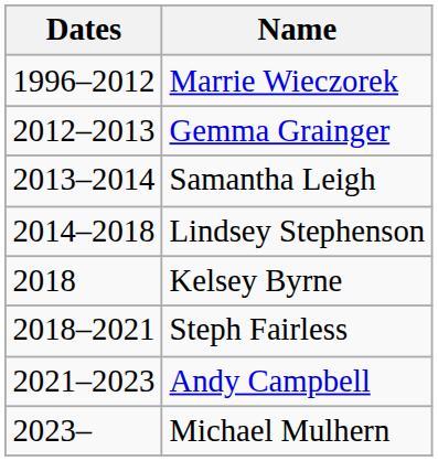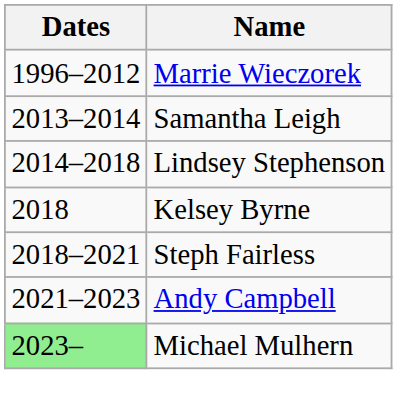 <table class="wikitable">
 <tr>
 <th>Dates</th>
 <th>Name</th>
 </tr>
 <tr>
 <td>1996–2012</td>
 <td> <a href='#'>Marrie Wieczorek</a></td>
-</tr>
-<tr>
-<td>2012–2013</td>
-<td> <a href='#'>Gemma Grainger</a></td>
 </tr>
 <tr>
 <td>2013–2014</td>
 <td> Samantha Leigh</td>
 </tr>
 <tr>
 <td>2014–2018</td>
 <td> Lindsey Stephenson</td>
 </tr>
 <tr>
 <td>2018</td>
 <td> Kelsey Byrne</td>
 </tr>
 <tr>
 <td>2018–2021</td>
 <td> Steph Fairless</td>
 </tr>
 <tr>
 <td>2021–2023</td>
 <td> <a href='#'>Andy Campbell</a></td>
 </tr>
 <tr>
-<td>2023–</td>
+<td style="background: lightgreen;">2023–</td>
 <td> Michael Mulhern</td>
 </tr>
 </table>
